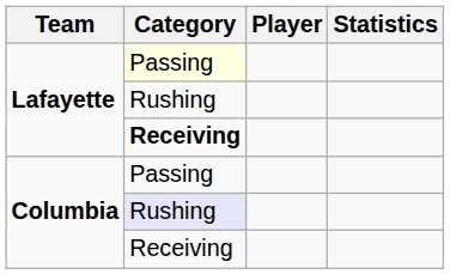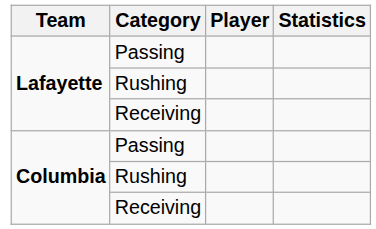 <table class="wikitable" style="float: right;">
 <tr>
 <th>Team</th>
 <th>Category</th>
 <th>Player</th>
 <th>Statistics</th>
 </tr>
 <tr>
 <td rowspan=3><strong>Lafayette</strong></td>
-<td style="background: lightyellow;">Passing</td>
+<td>Passing</td>
 <td></td>
 <td></td>
 </tr>
 <tr>
 <td>Rushing</td>
 <td></td>
 <td></td>
 </tr>
 <tr>
-<td><strong>Receiving</strong></td>
+<td>Receiving</td>
 <td></td>
 <td></td>
 </tr>
 <tr>
 <td rowspan=3><strong>Columbia</strong></td>
 <td>Passing</td>
 <td></td>
 <td></td>
 </tr>
 <tr>
-<td style="background: lavender;">Rushing</td>
+<td>Rushing</td>
 <td></td>
 <td></td>
 </tr>
 <tr>
 <td>Receiving</td>
 <td></td>
 <td></td>
 </tr>
 </table>
